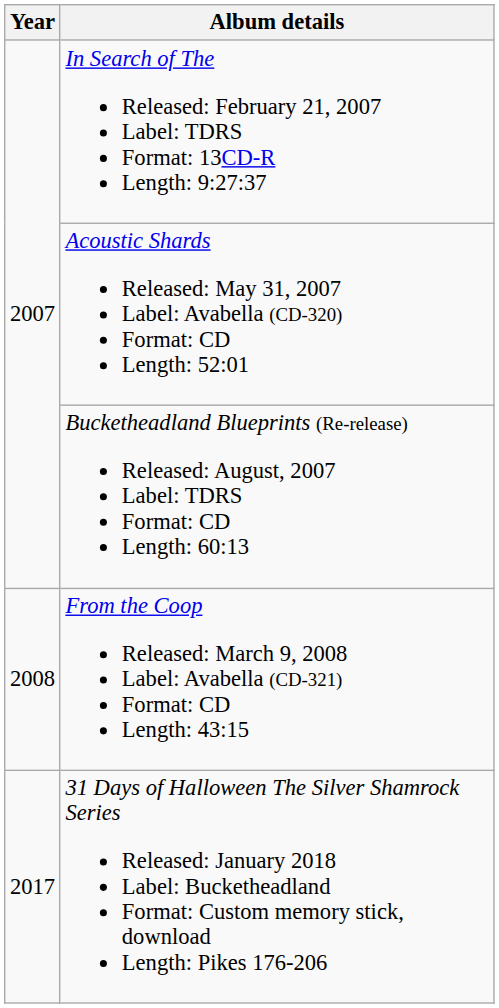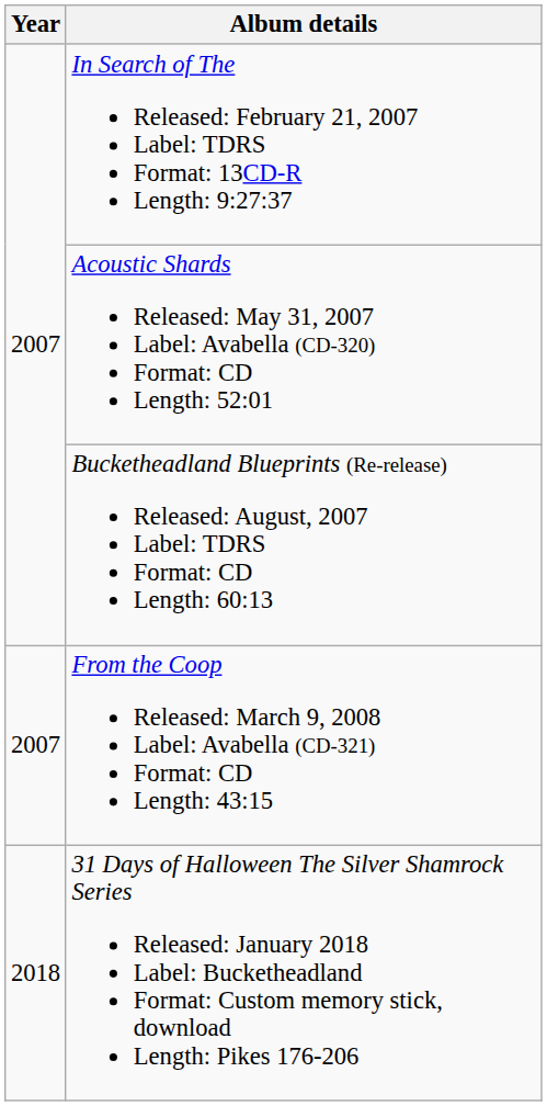 <table class="wikitable">
 <tr>
 <th>Year</th>
 <th style="width:300px;">Album details</th>
 </tr>
 <tr>
 <td rowspan="3">2007</td>
 <td><em><a href='#'>In Search of The</a></em><br><ul><li>Released: February 21, 2007</li><li>Label: TDRS</li><li>Format: 13<a href='#'>CD-R</a></li><li>Length: 9:27:37</li></ul></td>
 </tr>
 <tr>
 <td><em><a href='#'>Acoustic Shards</a></em><br><ul><li>Released: May 31, 2007</li><li>Label: Avabella <small>(CD-320)</small></li><li>Format: CD</li><li>Length: 52:01</li></ul></td>
 </tr>
 <tr>
 <td><em>Bucketheadland Blueprints</em> <small>(Re-release)</small><br><ul><li>Released: August, 2007</li><li>Label: TDRS</li><li>Format: CD</li><li>Length: 60:13</li></ul></td>
 </tr>
 <tr>
-<td>2008</td>
+<td>2007</td>
 <td><em><a href='#'>From the Coop</a></em><br><ul><li>Released: March 9, 2008</li><li>Label: Avabella <small>(CD-321)</small></li><li>Format: CD</li><li>Length: 43:15</li></ul></td>
 </tr>
 <tr>
-<td>2017</td>
+<td>2018</td>
 <td><em>31 Days of Halloween The Silver Shamrock Series</em><br><ul><li>Released: January 2018</li><li>Label: Bucketheadland</li><li>Format: Custom memory stick, download</li><li>Length: Pikes 176-206</li></ul></td>
 </tr>
 </table>
